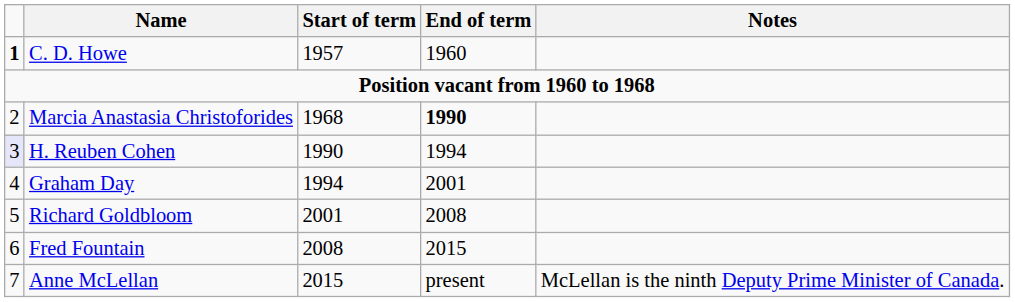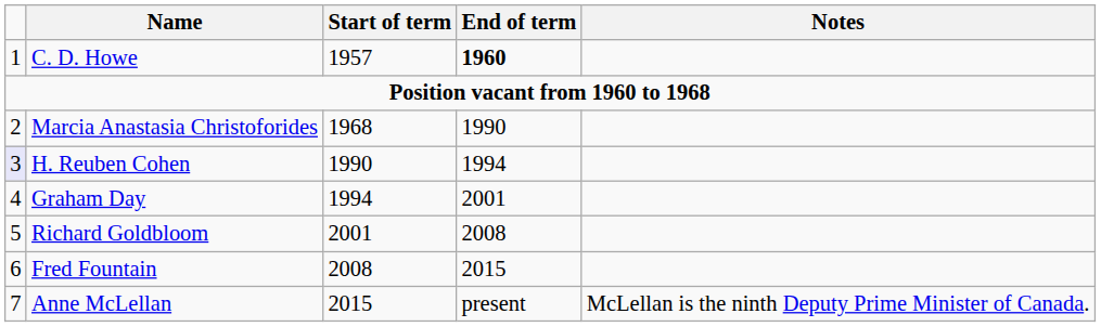 <table class="sortable wikitable">
 <tr>
 <td></td>
 <th>Name</th>
 <th>Start of term</th>
 <th>End of term</th>
 <th>Notes</th>
 </tr>
 <tr>
-<td style="text-align: right;"><strong>1</strong></td>
+<td style="text-align: right;">1</td>
 <td><a href='#'>C. D. Howe</a></td>
 <td>1957</td>
-<td>1960</td>
+<td><strong>1960</strong></td>
 <td></td>
 </tr>
 <tr>
 <td colspan=5 style="text-align: center; font-style: bold;"><strong>Position vacant from 1960 to 1968</strong></td>
 </tr>
 <tr>
 <td style="text-align: right;">2</td>
 <td><a href='#'>Marcia Anastasia Christoforides</a></td>
 <td>1968</td>
-<td><strong>1990</strong></td>
+<td>1990</td>
 <td></td>
 </tr>
 <tr>
 <td style="background: lavender; text-align: right;">3</td>
 <td><a href='#'>H. Reuben Cohen</a></td>
 <td>1990</td>
 <td>1994</td>
 <td></td>
 </tr>
 <tr>
 <td style="text-align: right;">4</td>
 <td><a href='#'>Graham Day</a></td>
 <td>1994</td>
 <td>2001</td>
 <td></td>
 </tr>
 <tr>
 <td style="text-align: right;">5</td>
 <td><a href='#'>Richard Goldbloom</a></td>
 <td>2001</td>
 <td>2008</td>
 <td></td>
 </tr>
 <tr>
 <td style="text-align: right;">6</td>
 <td><a href='#'>Fred Fountain</a></td>
 <td>2008</td>
 <td>2015</td>
 <td></td>
 </tr>
 <tr>
 <td style="text-align: right;">7</td>
 <td><a href='#'>Anne McLellan</a></td>
 <td>2015</td>
 <td>present</td>
 <td>McLellan is the ninth <a href='#'>Deputy Prime Minister of Canada</a>.</td>
 </tr>
 </table>
